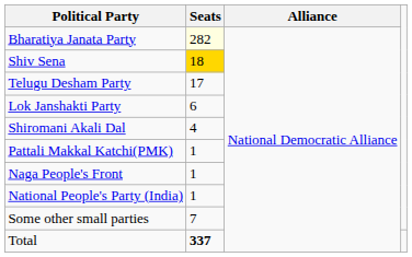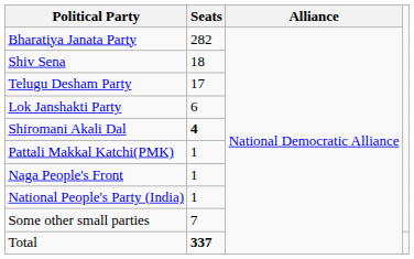 <table class="wikitable">
 <tr>
 <th>Political Party</th>
 <th>Seats</th>
 <th>Alliance</th>
 </tr>
 <tr>
 <td><a href='#'>Bharatiya Janata Party</a></td>
-<td style="background: lightyellow;">282</td>
+<td>282</td>
 <td rowspan="11"><a href='#'>National Democratic Alliance</a></td>
 </tr>
 <tr>
 <td><a href='#'>Shiv Sena</a></td>
-<td style="background: gold;">18</td>
+<td>18</td>
 </tr>
 <tr>
 <td><a href='#'>Telugu Desham Party</a></td>
 <td>17</td>
 </tr>
 <tr>
 <td><a href='#'>Lok Janshakti Party</a></td>
 <td>6</td>
 </tr>
 <tr>
 <td><a href='#'>Shiromani Akali Dal</a></td>
-<td>4</td>
+<td><strong>4</strong></td>
 </tr>
 <tr>
 <td><a href='#'>Pattali Makkal Katchi(PMK)</a></td>
 <td>1</td>
 </tr>
 <tr>
 <td><a href='#'>Naga People's Front</a></td>
 <td>1</td>
 </tr>
 <tr>
 <td><a href='#'>National People's Party (India)</a></td>
 <td>1</td>
 </tr>
 <tr>
 <td>Some other small parties</td>
 <td>7</td>
 </tr>
 <tr>
 <td>Total</td>
 <td><strong>337</strong></td>
 <td></td>
 </tr>
 </table>
